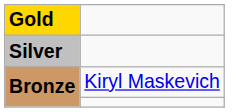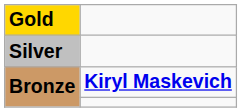 <table class="wikitable">
 <tr>
 <td bgcolor="gold"><strong>Gold</strong></td>
 <td></td>
 </tr>
 <tr>
 <td bgcolor="silver"><strong>Silver</strong></td>
 <td></td>
 </tr>
 <tr>
 <td rowspan="2" bgcolor="#cc9966"><strong>Bronze</strong></td>
-<td> <a href='#'>Kiryl Maskevich</a> </td>
+<td><strong> <a href='#'>Kiryl Maskevich</a> </strong></td>
 </tr>
 <tr>
 <td></td>
 </tr>
 </table>
